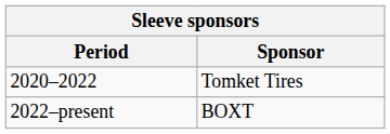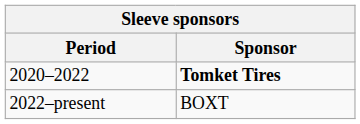 <table class="wikitable plainrowheaders" style="width: 25%; text-align: centr; margin-left:1em; float: left">
 <tr>
 <th colspan=3>Sleeve sponsors</th>
 </tr>
 <tr>
 <th scope="col">Period</th>
 <th scope="col">Sponsor</th>
 </tr>
 <tr>
 <td scope="row">2020–2022</td>
-<td>Tomket Tires</td>
+<td><strong>Tomket Tires</strong></td>
 </tr>
 <tr>
 <td scope="row">2022–present</td>
 <td>BOXT</td>
 </tr>
 </table>
